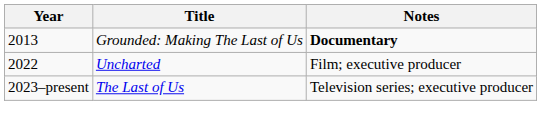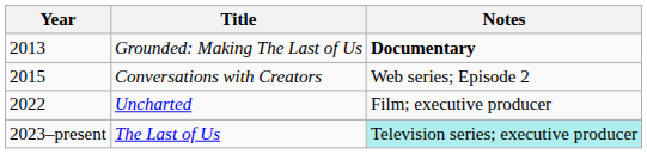 <table class="wikitable sortable" style="border:none; margin:0;">
 <tr valign="bottom">
 <th scope="col">Year</th>
 <th scope="col">Title</th>
 <th scope="col">Notes</th>
 </tr>
 <tr>
 <td>2013</td>
 <td><em>Grounded: Making The Last of Us</em></td>
 <td><strong>Documentary</strong></td>
 </tr>
 <tr>
+<td>2015</td>
+<td><em>Conversations with Creators</em></td>
+<td>Web series; Episode 2</td>
+</tr>
+<tr>
 <td>2022</td>
 <td><em><a href='#'>Uncharted</a></em></td>
 <td>Film; executive producer</td>
 </tr>
 <tr>
 <td>2023–present</td>
 <td><em><a href='#'>The Last of Us</a></em></td>
-<td>Television series; executive producer</td>
+<td style="background: paleturquoise;">Television series; executive producer</td>
 </tr>
 </table>
